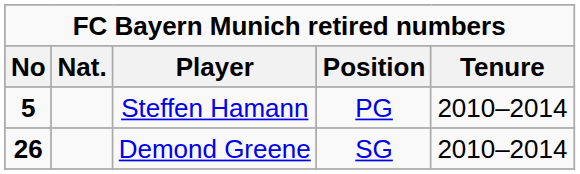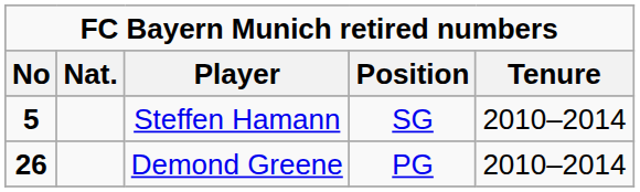 <table class="wikitable sortable" style="text-align:center; font-size:95%;">
 <tr>
 <td colspan="5"><strong>FC Bayern Munich retired numbers</strong></td>
 </tr>
 <tr>
 <th>No</th>
 <th>Nat.</th>
 <th>Player</th>
 <th>Position</th>
 <th>Tenure</th>
 </tr>
 <tr>
 <td><strong>5</strong></td>
 <td></td>
 <td><a href='#'>Steffen Hamann</a></td>
-<td><a href='#'>PG</a></td>
+<td><a href='#'>SG</a></td>
 <td>2010–2014</td>
 </tr>
 <tr>
 <td><strong>26</strong></td>
 <td></td>
 <td><a href='#'>Demond Greene</a></td>
-<td><a href='#'>SG</a></td>
+<td><a href='#'>PG</a></td>
 <td>2010–2014</td>
 </tr>
 </table>
